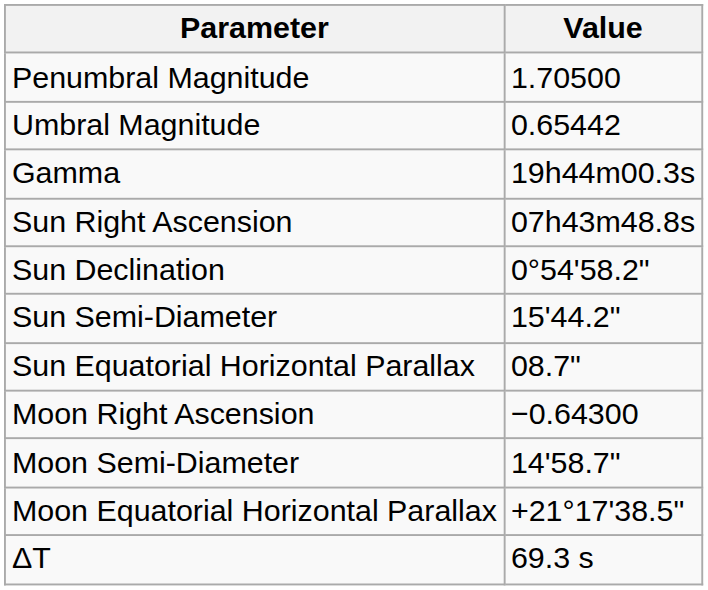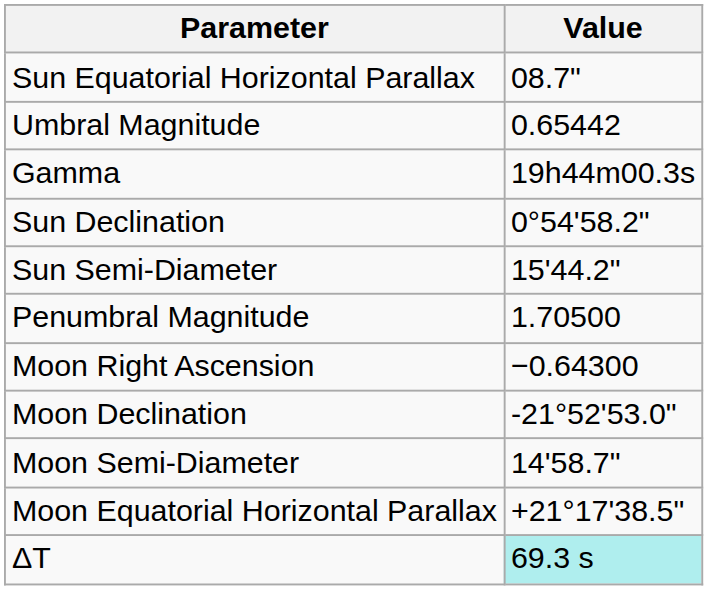 <table class="wikitable">
 <tr>
 <th>Parameter</th>
 <th>Value</th>
 </tr>
 <tr>
-<td>Penumbral Magnitude</td>
-<td>1.70500</td>
+<td>Sun Equatorial Horizontal Parallax</td>
+<td>08.7"</td>
 </tr>
 <tr>
 <td>Umbral Magnitude</td>
 <td>0.65442</td>
 </tr>
 <tr>
 <td>Gamma</td>
 <td>19h44m00.3s</td>
 </tr>
 <tr>
-<td>Sun Right Ascension</td>
-<td>07h43m48.8s</td>
-</tr>
-<tr>
 <td>Sun Declination</td>
 <td>0°54'58.2"</td>
 </tr>
 <tr>
 <td>Sun Semi-Diameter</td>
 <td>15'44.2"</td>
 </tr>
 <tr>
-<td>Sun Equatorial Horizontal Parallax</td>
-<td>08.7"</td>
+<td>Penumbral Magnitude</td>
+<td>1.70500</td>
 </tr>
 <tr>
 <td>Moon Right Ascension</td>
 <td>−0.64300</td>
+</tr>
+<tr>
+<td>Moon Declination</td>
+<td>-21°52'53.0"</td>
 </tr>
 <tr>
 <td>Moon Semi-Diameter</td>
 <td>14'58.7"</td>
 </tr>
 <tr>
 <td>Moon Equatorial Horizontal Parallax</td>
 <td>+21°17'38.5"</td>
 </tr>
 <tr>
 <td>ΔT</td>
-<td>69.3 s</td>
+<td style="background: paleturquoise;">69.3 s</td>
 </tr>
 </table>
